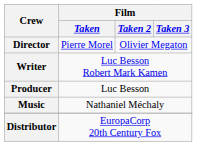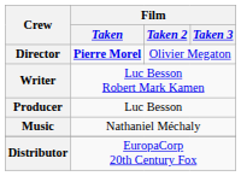 <table class="wikitable" style="text-align:center;">
 <tr>
 <th rowspan="2">Crew</th>
 <th colspan="3">Film</th>
 </tr>
 <tr>
 <th><a href='#'><em>Taken</em></a></th>
 <th><em><a href='#'>Taken 2</a></em></th>
 <th><em><a href='#'>Taken 3</a></em></th>
 </tr>
 <tr>
 <th>Director</th>
-<td><a href='#'>Pierre Morel</a></td>
+<td><strong><a href='#'>Pierre Morel</a></strong></td>
 <td colspan="2"><a href='#'>Olivier Megaton</a></td>
 </tr>
 <tr>
 <th>Writer</th>
 <td colspan="3"><a href='#'>Luc Besson</a><br><a href='#'>Robert Mark Kamen</a></td>
 </tr>
 <tr>
 <th>Producer</th>
 <td colspan="3">Luc Besson</td>
 </tr>
 <tr>
 <th>Music</th>
 <td colspan="3">Nathaniel Méchaly</td>
 </tr>
 <tr>
 </tr>
 <tr>
 <th>Distributor</th>
 <td colspan="3"><a href='#'>EuropaCorp</a> <br><a href='#'>20th Century Fox</a> </td>
 </tr>
 </table>
